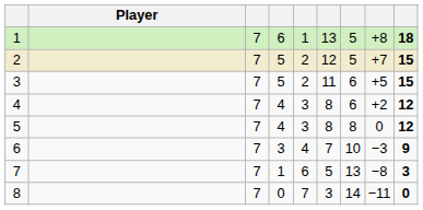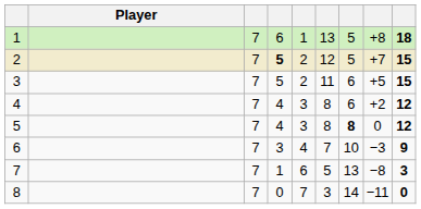 <table class="wikitable" style="text-align:center; margin: 1em auto 1em auto, align:left">
 <tr>
 <th width=20></th>
 <th width=240>Player</th>
 <th width=20></th>
 <th width=20></th>
 <th width=20></th>
 <th width=20></th>
 <th width=20></th>
 <th width=20></th>
 <th width=20></th>
 </tr>
 <tr style="background:#D0F0C0;">
 <td>1</td>
 <td align=left></td>
 <td>7</td>
 <td>6</td>
 <td>1</td>
 <td>13</td>
 <td>5</td>
 <td>+8</td>
 <td><strong>18</strong></td>
 </tr>
 <tr style="background:#f2ecce;">
 <td>2</td>
 <td align=left></td>
 <td>7</td>
-<td>5</td>
+<td><strong>5</strong></td>
 <td>2</td>
 <td>12</td>
 <td>5</td>
 <td>+7</td>
 <td><strong>15</strong></td>
 </tr>
 <tr style=>
 <td>3</td>
 <td align=left></td>
 <td>7</td>
 <td>5</td>
 <td>2</td>
 <td>11</td>
 <td>6</td>
 <td>+5</td>
 <td><strong>15</strong></td>
 </tr>
 <tr style=>
 <td>4</td>
 <td align=left></td>
 <td>7</td>
 <td>4</td>
 <td>3</td>
 <td>8</td>
 <td>6</td>
 <td>+2</td>
 <td><strong>12</strong></td>
 </tr>
 <tr style=>
 <td>5</td>
 <td align=left></td>
 <td>7</td>
 <td>4</td>
 <td>3</td>
 <td>8</td>
-<td>8</td>
+<td><strong>8</strong></td>
 <td>0</td>
 <td><strong>12</strong></td>
 </tr>
 <tr style=>
 <td>6</td>
 <td align=left></td>
 <td>7</td>
 <td>3</td>
 <td>4</td>
 <td>7</td>
 <td>10</td>
 <td>−3</td>
 <td><strong>9</strong></td>
 </tr>
 <tr style=>
 <td>7</td>
 <td align=left></td>
 <td>7</td>
 <td>1</td>
 <td>6</td>
 <td>5</td>
 <td>13</td>
 <td>−8</td>
 <td><strong>3</strong></td>
 </tr>
 <tr style=>
 <td>8</td>
 <td align=left></td>
 <td>7</td>
 <td>0</td>
 <td>7</td>
 <td>3</td>
 <td>14</td>
 <td>−11</td>
 <td><strong>0</strong></td>
 </tr>
 </table>
